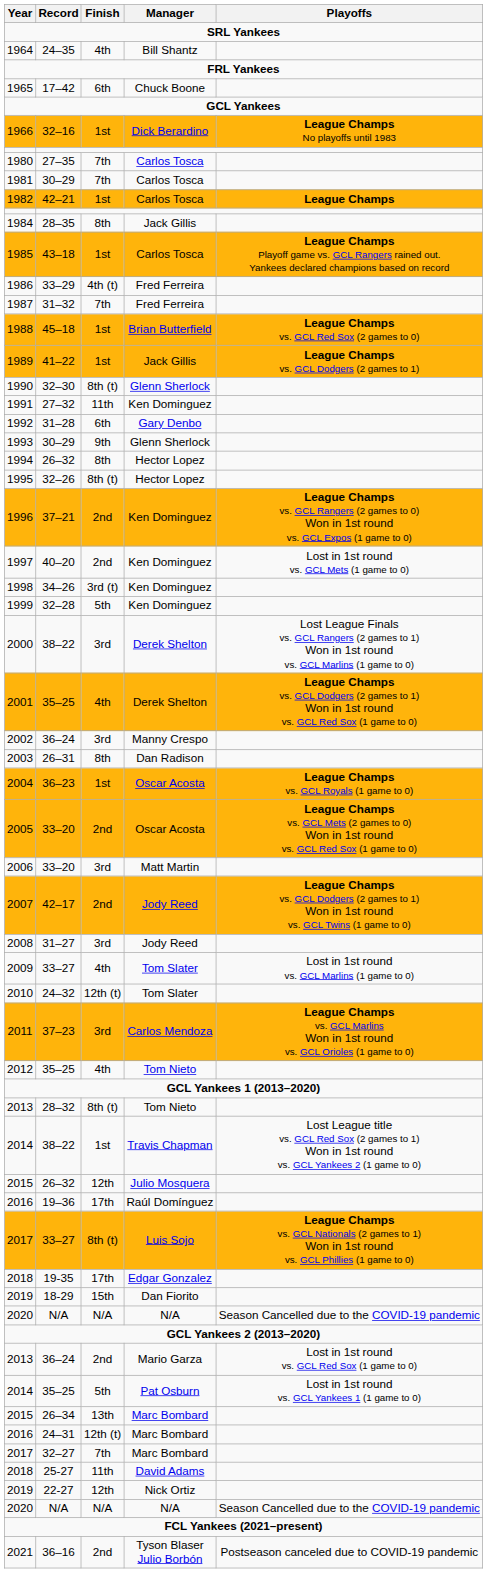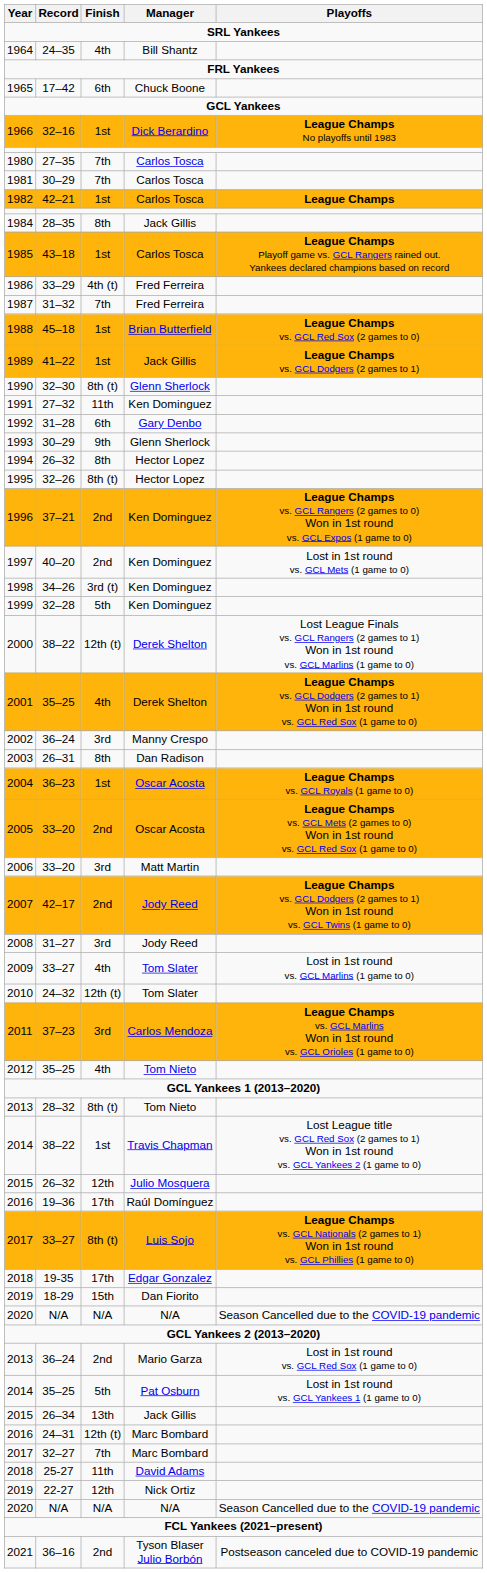 <table class="wikitable">
 <tr>
 <th>Year</th>
 <th>Record</th>
 <th>Finish</th>
 <th>Manager</th>
 <th>Playoffs</th>
 </tr>
 <tr>
 <td align=center colspan=6><strong>SRL Yankees</strong></td>
 </tr>
 <tr align=center>
 <td>1964</td>
 <td>24–35</td>
 <td>4th</td>
 <td>Bill Shantz</td>
 <td></td>
 </tr>
 <tr align=center>
 <td align=center colspan=6><strong>FRL Yankees</strong></td>
 </tr>
 <tr align=center>
 <td>1965</td>
 <td>17–42</td>
 <td>6th</td>
 <td>Chuck Boone</td>
 <td></td>
 </tr>
 <tr align=center>
 <td align=center colspan=6><strong>GCL Yankees</strong></td>
 </tr>
 <tr align=center bgcolor="#FFB40B">
 <td>1966</td>
 <td>32–16</td>
 <td>1st</td>
 <td><a href='#'>Dick Berardino</a></td>
 <td><strong>League Champs</strong><br><small> No playoffs until 1983</small></td>
 </tr>
 <tr align=center>
 <td></td>
 </tr>
 <tr align=center>
 <td>1980</td>
 <td>27–35</td>
 <td>7th</td>
 <td><a href='#'>Carlos Tosca</a></td>
 <td></td>
 </tr>
 <tr align=center>
 <td>1981</td>
 <td>30–29</td>
 <td>7th</td>
 <td>Carlos Tosca</td>
 <td></td>
 </tr>
 <tr align=center bgcolor="#FFB40B">
 <td>1982</td>
 <td>42–21</td>
 <td>1st</td>
 <td>Carlos Tosca</td>
 <td><strong>League Champs</strong></td>
 </tr>
 <tr>
 <td></td>
 </tr>
 <tr align=center>
 <td>1984</td>
 <td>28–35</td>
 <td>8th</td>
 <td>Jack Gillis</td>
 <td></td>
 </tr>
 <tr align=center bgcolor="#FFB40B">
 <td>1985</td>
 <td>43–18</td>
 <td>1st</td>
 <td>Carlos Tosca</td>
 <td><strong>League Champs</strong><br><small>Playoff game vs. <a href='#'>GCL Rangers</a> rained out.<br>Yankees declared champions based on record</small></td>
 </tr>
 <tr align=center>
 <td>1986</td>
 <td>33–29</td>
 <td>4th (t)</td>
 <td>Fred Ferreira</td>
 <td></td>
 </tr>
 <tr align=center>
 <td>1987</td>
 <td>31–32</td>
 <td>7th</td>
 <td>Fred Ferreira</td>
 <td></td>
 </tr>
 <tr align=center bgcolor="#FFB40B">
 <td>1988</td>
 <td>45–18</td>
 <td>1st</td>
 <td><a href='#'>Brian Butterfield</a></td>
 <td><strong>League Champs</strong><br><small>vs. <a href='#'>GCL Red Sox</a> (2 games to 0)</small></td>
 </tr>
 <tr align=center bgcolor="#FFB40B">
 <td>1989</td>
 <td>41–22</td>
 <td>1st</td>
 <td>Jack Gillis</td>
 <td><strong>League Champs</strong><br><small>vs. <a href='#'>GCL Dodgers</a> (2 games to 1)</small></td>
 </tr>
 <tr align=center>
 <td>1990</td>
 <td>32–30</td>
 <td>8th (t)</td>
 <td><a href='#'>Glenn Sherlock</a></td>
 <td></td>
 </tr>
 <tr align=center>
 <td>1991</td>
 <td>27–32</td>
 <td>11th</td>
 <td>Ken Dominguez</td>
 <td></td>
 </tr>
 <tr align=center>
 <td>1992</td>
 <td>31–28</td>
 <td>6th</td>
 <td><a href='#'>Gary Denbo</a></td>
 <td></td>
 </tr>
 <tr align=center>
 <td>1993</td>
 <td>30–29</td>
 <td>9th</td>
 <td>Glenn Sherlock</td>
 <td></td>
 </tr>
 <tr align=center>
 <td>1994</td>
 <td>26–32</td>
 <td>8th</td>
 <td>Hector Lopez</td>
 <td></td>
 </tr>
 <tr align=center>
 <td>1995</td>
 <td>32–26</td>
 <td>8th (t)</td>
 <td>Hector Lopez</td>
 <td></td>
 </tr>
 <tr align=center bgcolor="#FFB40B">
 <td>1996</td>
 <td>37–21</td>
 <td>2nd</td>
 <td>Ken Dominguez</td>
 <td><strong>League Champs</strong> <br><small>vs. <a href='#'>GCL Rangers</a> (2 games to 0)</small><br>Won in 1st round<br><small>vs. <a href='#'>GCL Expos</a> (1 game to 0)</small></td>
 </tr>
 <tr align=center>
 <td>1997</td>
 <td>40–20</td>
 <td>2nd</td>
 <td>Ken Dominguez</td>
 <td>Lost in 1st round<br><small>vs. <a href='#'>GCL Mets</a> (1 game to 0)</small></td>
 </tr>
 <tr align=center>
 <td>1998</td>
 <td>34–26</td>
 <td>3rd (t)</td>
 <td>Ken Dominguez</td>
 <td></td>
 </tr>
 <tr align=center>
 <td>1999</td>
 <td>32–28</td>
 <td>5th</td>
 <td>Ken Dominguez</td>
 <td></td>
 </tr>
 <tr align=center>
 <td>2000</td>
 <td>38–22</td>
-<td>3rd</td>
+<td>12th (t)</td>
 <td><a href='#'>Derek Shelton</a></td>
 <td>Lost League Finals<br><small>vs. <a href='#'>GCL Rangers</a> (2 games to 1)</small><br>Won in 1st round <br><small>vs. <a href='#'>GCL Marlins</a> (1 game to 0)</small></td>
 </tr>
 <tr align=center bgcolor="#FFB40B">
 <td>2001</td>
 <td>35–25</td>
 <td>4th</td>
 <td>Derek Shelton</td>
 <td><strong>League Champs</strong><br><small>vs. <a href='#'>GCL Dodgers</a> (2 games to 1)</small><br>Won in 1st round <br><small>vs. <a href='#'>GCL Red Sox</a> (1 game to 0)</small></td>
 </tr>
 <tr align=center>
 <td>2002</td>
 <td>36–24</td>
 <td>3rd</td>
 <td>Manny Crespo</td>
 <td></td>
 </tr>
 <tr align=center>
 <td>2003</td>
 <td>26–31</td>
 <td>8th</td>
 <td>Dan Radison</td>
 <td></td>
 </tr>
 <tr align=center bgcolor="#FFB40B">
 <td>2004</td>
 <td>36–23</td>
 <td>1st</td>
 <td><a href='#'>Oscar Acosta</a></td>
 <td><strong>League Champs</strong><br><small>vs. <a href='#'>GCL Royals</a> (1 game to 0)</small></td>
 </tr>
 <tr align=center bgcolor="#FFB40B">
 <td>2005</td>
 <td>33–20</td>
 <td>2nd</td>
 <td>Oscar Acosta</td>
 <td><strong>League Champs</strong><br><small>vs. <a href='#'>GCL Mets</a> (2 games to 0)</small><br>Won in 1st round <br><small>vs. <a href='#'>GCL Red Sox</a> (1 game to 0)</small></td>
 </tr>
 <tr align=center>
 <td>2006</td>
 <td>33–20</td>
 <td>3rd</td>
 <td>Matt Martin</td>
 <td></td>
 </tr>
 <tr align=center bgcolor="#FFB40B">
 <td>2007</td>
 <td>42–17</td>
 <td>2nd</td>
 <td><a href='#'>Jody Reed</a></td>
 <td><strong>League Champs</strong><br><small>vs. <a href='#'>GCL Dodgers</a> (2 games to 1)</small><br>Won in 1st round <br><small>vs. <a href='#'>GCL Twins</a> (1 game to 0)</small></td>
 </tr>
 <tr align=center>
 <td>2008</td>
 <td>31–27</td>
 <td>3rd</td>
 <td>Jody Reed</td>
 <td></td>
 </tr>
 <tr align=center>
 <td>2009</td>
 <td>33–27</td>
 <td>4th</td>
 <td><a href='#'>Tom Slater</a></td>
 <td>Lost in 1st round<br><small>vs. <a href='#'>GCL Marlins</a> (1 game to 0)</small></td>
 </tr>
 <tr align=center>
 <td>2010</td>
 <td>24–32</td>
 <td>12th (t)</td>
 <td>Tom Slater</td>
 <td></td>
 </tr>
 <tr align=center bgcolor="#FFB40B">
 <td>2011</td>
 <td>37–23</td>
 <td>3rd</td>
 <td><a href='#'>Carlos Mendoza</a></td>
 <td><strong>League Champs</strong><br><small>vs. <a href='#'>GCL Marlins</a></small><br> Won in 1st round<br><small>vs. <a href='#'>GCL Orioles</a> (1 game to 0)</small></td>
 </tr>
 <tr align=center>
 <td>2012</td>
 <td>35–25</td>
 <td>4th</td>
 <td><a href='#'>Tom Nieto</a></td>
 <td></td>
 </tr>
 <tr align=center>
 <td align=center colspan=6><strong>GCL Yankees 1 (2013–2020)</strong></td>
 </tr>
 <tr align=center>
 <td>2013</td>
 <td>28–32</td>
 <td>8th (t)</td>
 <td>Tom Nieto</td>
 <td></td>
 </tr>
 <tr align=center>
 <td>2014</td>
 <td>38–22</td>
 <td>1st</td>
 <td><a href='#'>Travis Chapman</a></td>
 <td>Lost League title <br><small>vs. <a href='#'>GCL Red Sox</a> (2 games to 1)</small><br>Won in 1st round <br><small>vs. <a href='#'>GCL Yankees 2</a> (1 game to 0)</small></td>
 </tr>
 <tr align=center>
 <td>2015</td>
 <td>26–32</td>
 <td>12th</td>
 <td><a href='#'>Julio Mosquera</a></td>
 <td></td>
 </tr>
 <tr align=center>
 <td>2016</td>
 <td>19–36</td>
 <td>17th</td>
 <td>Raúl Domínguez</td>
 <td></td>
 </tr>
 <tr align=center bgcolor="#FFB40B">
 <td>2017</td>
 <td>33–27</td>
 <td>8th (t)</td>
 <td><a href='#'>Luis Sojo</a></td>
 <td><strong>League Champs</strong><br><small>vs. <a href='#'>GCL Nationals</a> (2 games to 1)</small><br>Won in 1st round <br><small>vs. <a href='#'>GCL Phillies</a> (1 game to 0)</small></td>
 </tr>
 <tr align=center>
 <td>2018</td>
 <td>19-35</td>
 <td>17th</td>
 <td><a href='#'>Edgar Gonzalez</a></td>
 </tr>
 <tr align=center>
 <td>2019</td>
 <td>18-29</td>
 <td>15th</td>
 <td>Dan Fiorito</td>
 <td></td>
 </tr>
 <tr align=center>
 <td>2020</td>
 <td>N/A</td>
 <td>N/A</td>
 <td>N/A</td>
 <td>Season Cancelled due to the <a href='#'>COVID-19 pandemic</a></td>
 </tr>
 <tr align=center>
 <td align=center colspan=6><strong>GCL Yankees 2 (2013–2020)</strong></td>
 </tr>
 <tr align=center>
 <td>2013</td>
 <td>36–24</td>
 <td>2nd</td>
 <td>Mario Garza</td>
 <td>Lost in 1st round<br><small>vs. <a href='#'>GCL Red Sox</a> (1 game to 0)</small></td>
 </tr>
 <tr align=center>
 <td>2014</td>
 <td>35–25</td>
 <td>5th</td>
 <td><a href='#'>Pat Osburn</a></td>
 <td>Lost in 1st round <br><small>vs. <a href='#'>GCL Yankees 1</a> (1 game to 0)</small></td>
 </tr>
 <tr align=center>
 <td>2015</td>
 <td>26–34</td>
 <td>13th</td>
-<td><a href='#'>Marc Bombard</a></td>
+<td>Jack Gillis</td>
 <td></td>
 </tr>
 <tr align=center>
 <td>2016</td>
 <td>24–31</td>
 <td>12th (t)</td>
 <td>Marc Bombard</td>
 <td></td>
 </tr>
 <tr align=center>
 <td>2017</td>
 <td>32–27</td>
 <td>7th</td>
 <td>Marc Bombard</td>
 <td></td>
 </tr>
 <tr align=center>
 <td>2018</td>
 <td>25-27</td>
 <td>11th</td>
 <td><a href='#'>David Adams</a></td>
 <td></td>
 </tr>
 <tr align=center>
 <td>2019</td>
 <td>22-27</td>
 <td>12th</td>
 <td>Nick Ortiz</td>
 <td></td>
 </tr>
 <tr align=center>
 <td>2020</td>
 <td>N/A</td>
 <td>N/A</td>
 <td>N/A</td>
 <td>Season Cancelled due to the <a href='#'>COVID-19 pandemic</a></td>
 </tr>
 <tr align=center>
 <td align=center colspan=6><strong>FCL Yankees (2021–present)</strong></td>
 </tr>
 <tr align=center>
 <td>2021</td>
 <td>36–16</td>
 <td>2nd</td>
 <td>Tyson Blaser<br><a href='#'>Julio Borbón</a></td>
 <td>Postseason canceled due to COVID-19 pandemic</td>
 </tr>
 </table>
